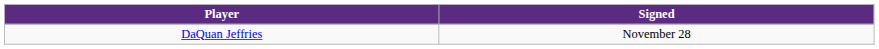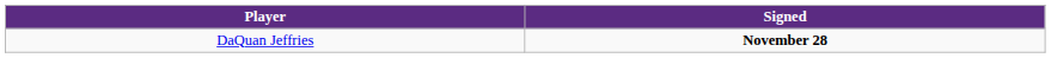 <table class="wikitable sortable sortable" style="text-align: center">
 <tr>
 <th style="background:#5b2b82; color:white" width="10%">Player</th>
 <th style="background:#5b2b82; color:white"  width="10%">Signed</th>
 </tr>
 <tr>
 <td><a href='#'>DaQuan Jeffries</a></td>
-<td>November 28</td>
+<td><strong>November 28</strong></td>
 </tr>
 </table>
